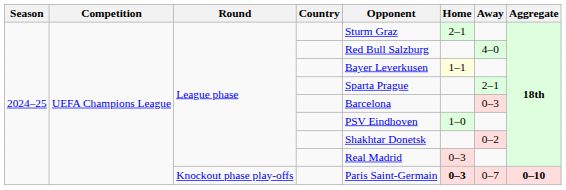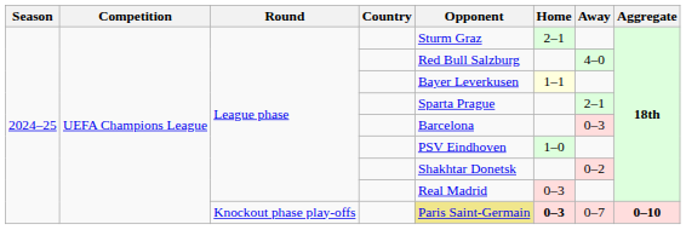 <table class="wikitable">
 <tr>
 <th>Season</th>
 <th>Competition</th>
 <th>Round</th>
 <th>Country</th>
 <th>Opponent</th>
 <th>Home</th>
 <th>Away</th>
 <th>Aggregate</th>
 </tr>
 <tr>
 <td rowspan=9><a href='#'>2024–25</a></td>
 <td rowspan=9><a href='#'>UEFA Champions League</a></td>
 <td rowspan=8><a href='#'>League phase</a></td>
 <td></td>
 <td><a href='#'>Sturm Graz</a></td>
 <td style="text-align:center; background:#ddffdd;">2–1</td>
 <td></td>
 <td rowspan=8 style="text-align:center; background:#ddffdd;"><strong>18th</strong></td>
 </tr>
 <tr>
 <td></td>
 <td><a href='#'>Red Bull Salzburg</a></td>
 <td></td>
 <td style="text-align:center; background:#ddffdd;">4–0</td>
 </tr>
 <tr>
 <td></td>
 <td><a href='#'>Bayer Leverkusen</a></td>
 <td style="text-align:center; background:#ffd;">1–1</td>
 <td></td>
 </tr>
 <tr>
 <td></td>
 <td><a href='#'>Sparta Prague</a></td>
 <td></td>
 <td style="text-align:center; background:#ddffdd;">2–1</td>
 </tr>
 <tr>
 <td></td>
 <td><a href='#'>Barcelona</a></td>
 <td></td>
 <td style="text-align:center; background:#fdd;">0–3</td>
 </tr>
 <tr>
 <td></td>
 <td><a href='#'>PSV Eindhoven</a></td>
 <td style="text-align:center; background:#ddffdd;">1–0</td>
 <td></td>
 </tr>
 <tr>
 <td></td>
 <td><a href='#'>Shakhtar Donetsk</a></td>
 <td></td>
 <td style="text-align:center; background:#fdd;">0–2</td>
 </tr>
 <tr>
 <td></td>
 <td><a href='#'>Real Madrid</a></td>
 <td style="text-align:center; background:#fdd;">0–3</td>
 <td></td>
 </tr>
 <tr>
 <td><a href='#'>Knockout phase play-offs</a></td>
 <td></td>
-<td><a href='#'>Paris Saint-Germain</a></td>
+<td style="background: khaki;"><a href='#'>Paris Saint-Germain</a></td>
 <td style="text-align:center; background:#fdd;"><strong>0–3</strong></td>
 <td style="text-align:center; background:#fdd;">0–7</td>
 <td style="text-align:center; background:#fdd;"><strong>0–10</strong></td>
 </tr>
 </table>
